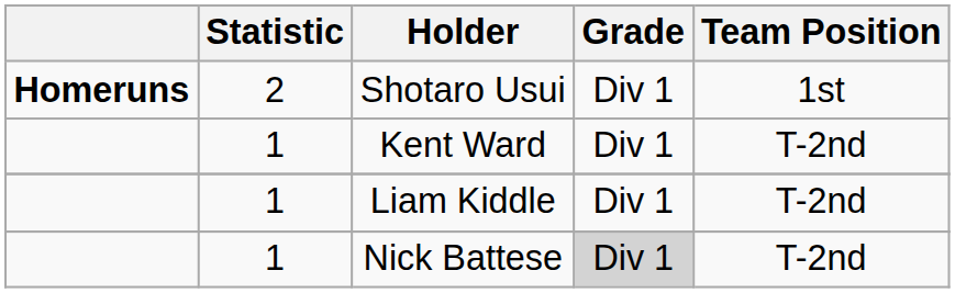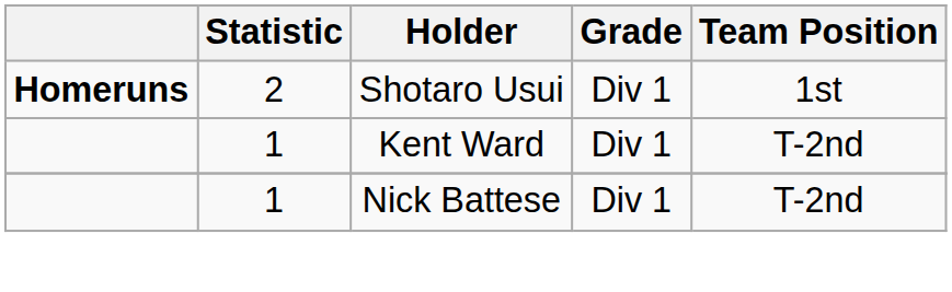 <table class="wikitable" style="text-align: center; mPERin: 0 auto;">
 <tr>
 <th></th>
 <th>Statistic</th>
 <th>Holder</th>
 <th>Grade</th>
 <th>Team Position</th>
 </tr>
 <tr>
 <td><strong>Homeruns</strong></td>
 <td>2</td>
 <td>Shotaro Usui</td>
 <td>Div 1</td>
 <td>1st</td>
 </tr>
 <tr>
 <td></td>
 <td>1</td>
 <td>Kent Ward</td>
 <td>Div 1</td>
 <td>T-2nd</td>
 </tr>
 <tr>
 </tr>
 <tr>
-<td></td>
-<td>1</td>
-<td>Liam Kiddle</td>
-<td>Div 1</td>
-<td>T-2nd</td>
-</tr>
-<tr>
 </tr>
 <tr>
 <td></td>
 <td>1</td>
 <td>Nick Battese</td>
-<td style="background: lightgrey;">Div 1</td>
+<td>Div 1</td>
 <td>T-2nd</td>
 </tr>
 </table>
